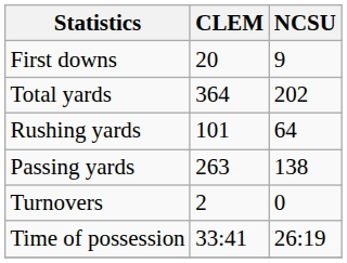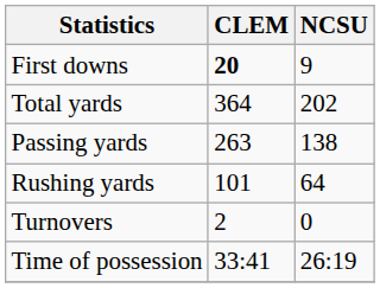 <table class="wikitable">
 <tr>
 <th>Statistics</th>
 <th>CLEM</th>
 <th>NCSU</th>
 </tr>
 <tr>
 <td>First downs</td>
-<td>20</td>
+<td><strong>20</strong></td>
 <td>9</td>
 </tr>
 <tr>
 <td>Total yards</td>
 <td>364</td>
 <td>202</td>
 </tr>
 <tr>
+<td>Passing yards</td>
+<td>263</td>
+<td>138</td>
+</tr>
+<tr>
 <td>Rushing yards</td>
 <td>101</td>
 <td>64</td>
-</tr>
-<tr>
-<td>Passing yards</td>
-<td>263</td>
-<td>138</td>
 </tr>
 <tr>
 <td>Turnovers</td>
 <td>2</td>
 <td>0</td>
 </tr>
 <tr>
 <td>Time of possession</td>
 <td>33:41</td>
 <td>26:19</td>
 </tr>
 <tr>
 </tr>
 </table>
